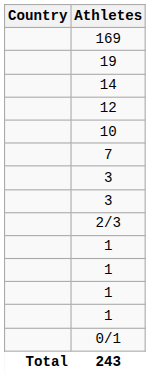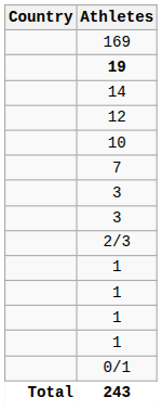 <table class="wikitable sortable" style="border:0;">
 <tr>
 <th>Country</th>
 <th>Athletes</th>
 </tr>
 <tr>
 <td></td>
 <td align=center>169</td>
 </tr>
 <tr>
 <td></td>
-<td align=center>19</td>
+<td align=center><strong>19</strong></td>
 </tr>
 <tr>
 <td></td>
 <td align=center>14</td>
 </tr>
 <tr>
 <td></td>
 <td align=center>12</td>
 </tr>
 <tr>
 <td></td>
 <td align=center>10</td>
 </tr>
 <tr>
 <td></td>
 <td align=center>7</td>
 </tr>
 <tr>
 <td></td>
 <td align=center>3</td>
 </tr>
 <tr>
 <td></td>
 <td align=center>3</td>
 </tr>
 <tr>
 <td></td>
 <td align=center>2/3 </td>
 </tr>
 <tr>
 <td></td>
 <td align=center>1</td>
 </tr>
 <tr>
 <td></td>
 <td align=center>1</td>
 </tr>
 <tr>
 <td></td>
 <td align=center>1</td>
 </tr>
 <tr>
 <td></td>
 <td align=center>1</td>
 </tr>
 <tr>
 <td></td>
 <td align=center>0/1</td>
 </tr>
 <tr class="sortbottom">
 <td style="text-align:right; border:0px; background:#fff;"><strong>Total</strong></td>
 <td style="text-align:center; border:0px; background:#fff;"><strong>243</strong></td>
 </tr>
 <tr>
 </tr>
 </table>
